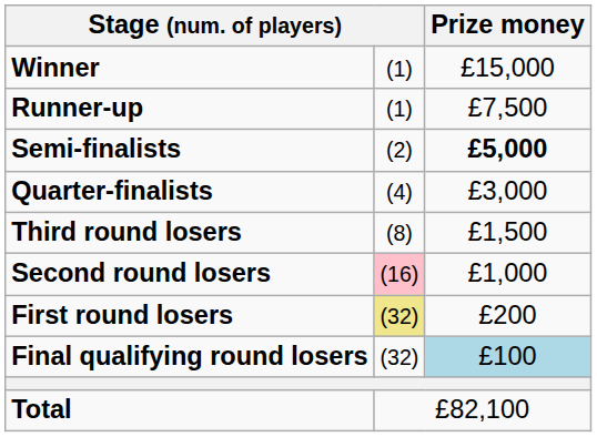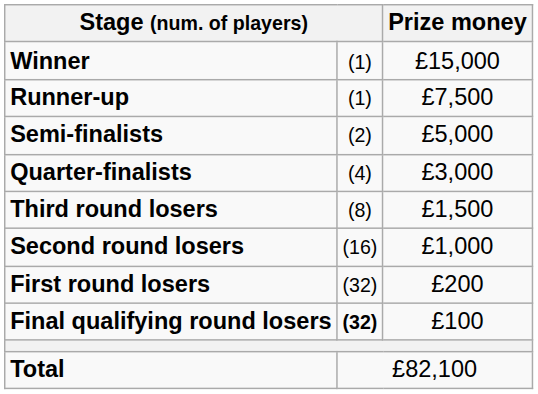 <table class="wikitable">
 <tr>
 <th colspan=2>Stage <small>(num. of players)</small></th>
 <th>Prize money</th>
 </tr>
 <tr>
 <td><strong>Winner</strong></td>
 <td align=center><small>(1)</small></td>
 <td align=center>£15,000</td>
 </tr>
 <tr>
 <td><strong>Runner-up</strong></td>
 <td align=center><small>(1)</small></td>
 <td align=center>£7,500</td>
 </tr>
 <tr>
 <td><strong>Semi-finalists</strong></td>
 <td align=center><small>(2)</small></td>
-<td align=center><strong>£5,000</strong></td>
+<td align=center>£5,000</td>
 </tr>
 <tr>
 <td><strong>Quarter-finalists</strong></td>
 <td align=center><small>(4)</small></td>
 <td align=center>£3,000</td>
 </tr>
 <tr>
 <td><strong>Third round losers</strong></td>
 <td align=center><small>(8)</small></td>
 <td align=center>£1,500</td>
 </tr>
 <tr>
 <td><strong>Second round losers</strong></td>
-<td align=center style="background: pink;"><small>(16)</small></td>
+<td align=center><small>(16)</small></td>
 <td align=center>£1,000</td>
 </tr>
 <tr>
 <td><strong>First round losers</strong></td>
-<td align=center style="background: khaki;"><small>(32)</small></td>
+<td align=center><small>(32)</small></td>
 <td align=center>£200</td>
 </tr>
 <tr>
 <td><strong>Final qualifying round losers</strong></td>
-<td align=center><small>(32)</small></td>
-<td align=center style="background: lightblue;">£100</td>
+<td align=center><strong><small>(32)</small></strong></td>
+<td align=center>£100</td>
 </tr>
 <tr>
 <th colspan=3></th>
 </tr>
 <tr>
 <td><strong>Total</strong></td>
 <td align=center colspan=2>£82,100</td>
 </tr>
 </table>
